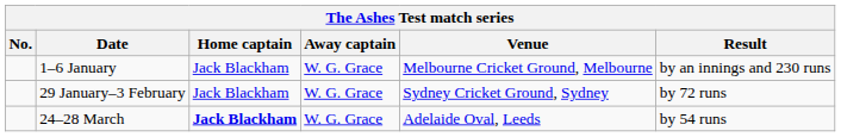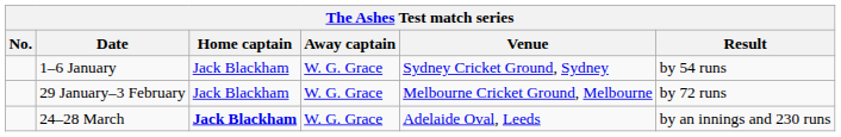 <table class="wikitable">
 <tr>
 <th colspan="9"><a href='#'>The Ashes</a> Test match series</th>
 </tr>
 <tr>
 <th>No.</th>
 <th>Date</th>
 <th>Home captain</th>
 <th>Away captain</th>
 <th>Venue</th>
 <th>Result</th>
 </tr>
 <tr>
 <td></td>
 <td>1–6 January</td>
 <td><a href='#'>Jack Blackham</a></td>
 <td><a href='#'>W. G. Grace</a></td>
-<td><a href='#'>Melbourne Cricket Ground</a>, <a href='#'>Melbourne</a></td>
-<td> by an innings and 230 runs</td>
+<td><a href='#'>Sydney Cricket Ground</a>, <a href='#'>Sydney</a></td>
+<td> by 54 runs</td>
 </tr>
 <tr>
 <td></td>
 <td>29 January–3 February</td>
 <td><a href='#'>Jack Blackham</a></td>
 <td><a href='#'>W. G. Grace</a></td>
-<td><a href='#'>Sydney Cricket Ground</a>, <a href='#'>Sydney</a></td>
+<td><a href='#'>Melbourne Cricket Ground</a>, <a href='#'>Melbourne</a></td>
 <td> by 72 runs</td>
 </tr>
 <tr>
 <td></td>
 <td>24–28 March</td>
 <td><strong><a href='#'>Jack Blackham</a></strong></td>
 <td><a href='#'>W. G. Grace</a></td>
 <td><a href='#'>Adelaide Oval</a>, <a href='#'>Leeds</a></td>
-<td> by 54 runs</td>
+<td> by an innings and 230 runs</td>
 </tr>
 </table>
